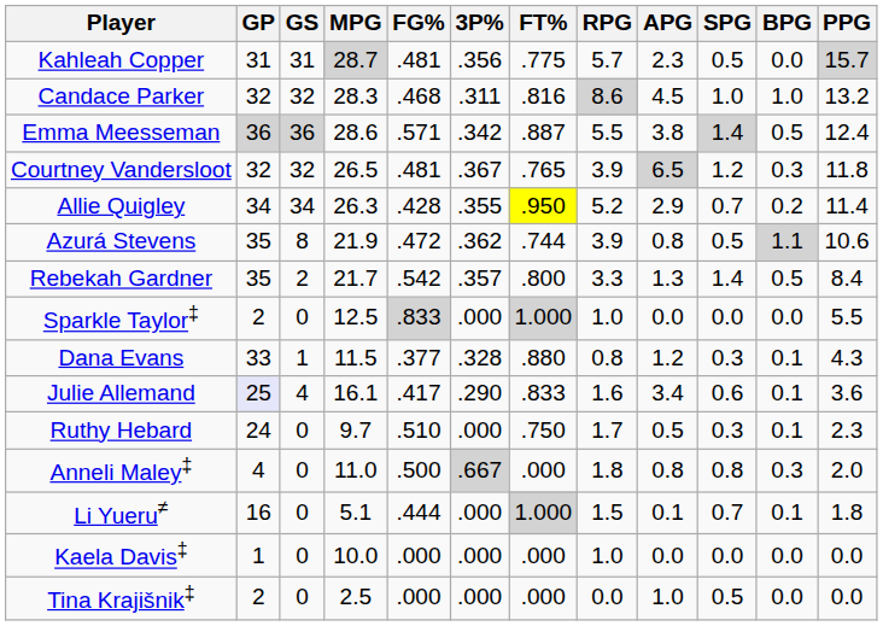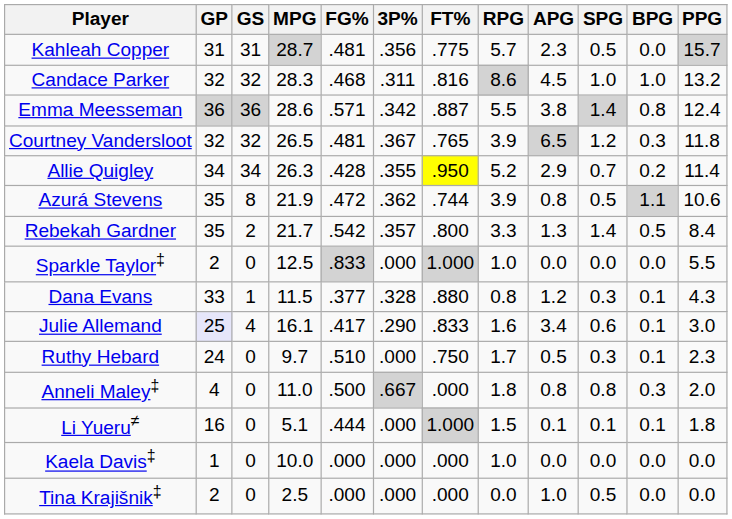 <table class="wikitable sortable" style="text-align:center">
 <tr>
 <th>Player</th>
 <th>GP</th>
 <th>GS</th>
 <th>MPG</th>
 <th>FG%</th>
 <th>3P%</th>
 <th>FT%</th>
 <th>RPG</th>
 <th>APG</th>
 <th>SPG</th>
 <th>BPG</th>
 <th>PPG</th>
 </tr>
 <tr>
 <td><a href='#'>Kahleah Copper</a></td>
 <td>31</td>
 <td>31</td>
 <td style="background:#D3D3D3;">28.7</td>
 <td>.481</td>
 <td>.356</td>
 <td>.775</td>
 <td>5.7</td>
 <td>2.3</td>
 <td>0.5</td>
 <td>0.0</td>
 <td style="background:#D3D3D3;">15.7</td>
 </tr>
 <tr>
 <td><a href='#'>Candace Parker</a></td>
 <td>32</td>
 <td>32</td>
 <td>28.3</td>
 <td>.468</td>
 <td>.311</td>
 <td>.816</td>
 <td style="background:#D3D3D3;">8.6</td>
 <td>4.5</td>
 <td>1.0</td>
 <td>1.0</td>
 <td>13.2</td>
 </tr>
 <tr>
 <td><a href='#'>Emma Meesseman</a></td>
 <td style="background:#D3D3D3;">36</td>
 <td style="background:#D3D3D3;">36</td>
 <td>28.6</td>
 <td>.571</td>
 <td>.342</td>
 <td>.887</td>
 <td>5.5</td>
 <td>3.8</td>
 <td style="background:#D3D3D3;">1.4</td>
-<td>0.5</td>
+<td>0.8</td>
 <td>12.4</td>
 </tr>
 <tr>
 <td><a href='#'>Courtney Vandersloot</a></td>
 <td>32</td>
 <td>32</td>
 <td>26.5</td>
 <td>.481</td>
 <td>.367</td>
 <td>.765</td>
 <td>3.9</td>
 <td style="background:#D3D3D3;">6.5</td>
 <td>1.2</td>
 <td>0.3</td>
 <td>11.8</td>
 </tr>
 <tr>
 <td><a href='#'>Allie Quigley</a></td>
 <td>34</td>
 <td>34</td>
 <td>26.3</td>
 <td>.428</td>
 <td>.355</td>
 <td style="background:yellow;">.950</td>
 <td>5.2</td>
 <td>2.9</td>
 <td>0.7</td>
 <td>0.2</td>
 <td>11.4</td>
 </tr>
 <tr>
 <td><a href='#'>Azurá Stevens</a></td>
 <td>35</td>
 <td>8</td>
 <td>21.9</td>
 <td>.472</td>
 <td>.362</td>
 <td>.744</td>
 <td>3.9</td>
 <td>0.8</td>
 <td>0.5</td>
 <td style="background:#D3D3D3;">1.1</td>
 <td>10.6</td>
 </tr>
 <tr>
 <td><a href='#'>Rebekah Gardner</a></td>
 <td>35</td>
 <td>2</td>
 <td>21.7</td>
 <td>.542</td>
 <td>.357</td>
 <td>.800</td>
 <td>3.3</td>
 <td>1.3</td>
 <td>1.4</td>
 <td>0.5</td>
 <td>8.4</td>
 </tr>
 <tr>
 <td><a href='#'>Sparkle Taylor</a><sup>‡</sup></td>
 <td>2</td>
 <td>0</td>
 <td>12.5</td>
 <td style="background:#D3D3D3;">.833</td>
 <td>.000</td>
 <td style="background:#D3D3D3;">1.000</td>
 <td>1.0</td>
 <td>0.0</td>
 <td>0.0</td>
 <td>0.0</td>
 <td>5.5</td>
 </tr>
 <tr>
 <td><a href='#'>Dana Evans</a></td>
 <td>33</td>
 <td>1</td>
 <td>11.5</td>
 <td>.377</td>
 <td>.328</td>
 <td>.880</td>
 <td>0.8</td>
 <td>1.2</td>
 <td>0.3</td>
 <td>0.1</td>
 <td>4.3</td>
 </tr>
 <tr>
 <td><a href='#'>Julie Allemand</a></td>
 <td style="background: lavender;">25</td>
 <td>4</td>
 <td>16.1</td>
 <td>.417</td>
 <td>.290</td>
 <td>.833</td>
 <td>1.6</td>
 <td>3.4</td>
 <td>0.6</td>
 <td>0.1</td>
-<td>3.6</td>
+<td>3.0</td>
 </tr>
 <tr>
 <td><a href='#'>Ruthy Hebard</a></td>
 <td>24</td>
 <td>0</td>
 <td>9.7</td>
 <td>.510</td>
 <td>.000</td>
 <td>.750</td>
 <td>1.7</td>
 <td>0.5</td>
 <td>0.3</td>
 <td>0.1</td>
 <td>2.3</td>
 </tr>
 <tr>
 <td><a href='#'>Anneli Maley</a><sup>‡</sup></td>
 <td>4</td>
 <td>0</td>
 <td>11.0</td>
 <td>.500</td>
 <td style="background:#D3D3D3;">.667</td>
 <td>.000</td>
 <td>1.8</td>
 <td>0.8</td>
 <td>0.8</td>
 <td>0.3</td>
 <td>2.0</td>
 </tr>
 <tr>
 <td><a href='#'>Li Yueru</a><sup>≠</sup></td>
 <td>16</td>
 <td>0</td>
 <td>5.1</td>
 <td>.444</td>
 <td>.000</td>
 <td style="background:#D3D3D3;">1.000</td>
 <td>1.5</td>
 <td>0.1</td>
-<td>0.7</td>
+<td>0.1</td>
 <td>0.1</td>
 <td>1.8</td>
 </tr>
 <tr>
 <td><a href='#'>Kaela Davis</a><sup>‡</sup></td>
 <td>1</td>
 <td>0</td>
 <td>10.0</td>
 <td>.000</td>
 <td>.000</td>
 <td>.000</td>
 <td>1.0</td>
 <td>0.0</td>
 <td>0.0</td>
 <td>0.0</td>
 <td>0.0</td>
 </tr>
 <tr>
 <td><a href='#'>Tina Krajišnik</a><sup>‡</sup></td>
 <td>2</td>
 <td>0</td>
 <td>2.5</td>
 <td>.000</td>
 <td>.000</td>
 <td>.000</td>
 <td>0.0</td>
 <td>1.0</td>
 <td>0.5</td>
 <td>0.0</td>
 <td>0.0</td>
 </tr>
 </table>
